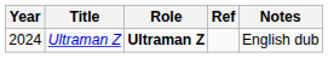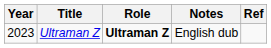 <table class="wikitable">
 <tr>
 <th>Year</th>
 <th>Title</th>
 <th>Role</th>
+<th>Notes</th>
 <th>Ref</th>
-<th>Notes</th>
 </tr>
 <tr>
-<td>2024</td>
+<td>2023</td>
 <td><em><a href='#'>Ultraman Z</a></em></td>
 <td><strong>Ultraman Z</strong></td>
+<td>English dub</td>
 <td></td>
-<td>English dub</td>
 </tr>
 </table>
